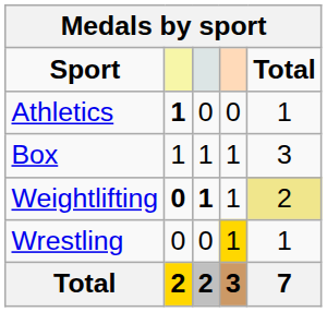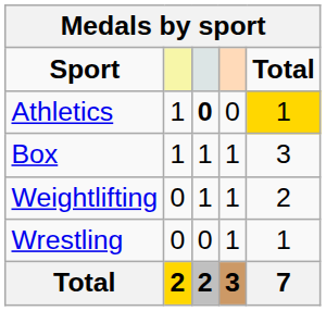 <table class="wikitable" style="font-size:100%;">
 <tr align=center style="background:#efefef;">
 <th colspan=7><strong>Medals by sport</strong></th>
 </tr>
 <tr align=center align=center>
 <td><strong>Sport</strong></td>
 <td style="background:#f7f6a8;"></td>
 <td style="background:#dce5e5;"></td>
 <td style="background:#ffdab9;"></td>
 <td><strong>Total</strong></td>
 </tr>
 <tr align=center align=center>
 <td align=left><a href='#'>Athletics</a></td>
-<td><strong>1</strong></td>
+<td>1</td>
+<td><strong>0</strong></td>
 <td>0</td>
-<td>0</td>
-<td>1</td>
+<td style="background: gold;">1</td>
 </tr>
 <tr align=center align=center>
 <td align=left><a href='#'>Box</a></td>
 <td>1</td>
 <td>1</td>
 <td>1</td>
 <td>3</td>
 </tr>
 <tr align=center align=center>
 <td align=left><a href='#'>Weightlifting</a></td>
-<td><strong>0</strong></td>
-<td><strong>1</strong></td>
+<td>0</td>
 <td>1</td>
-<td style="background: khaki;">2</td>
+<td>1</td>
+<td>2</td>
 </tr>
 <tr align=center align=center>
 <td align=left><a href='#'>Wrestling</a></td>
 <td>0</td>
 <td>0</td>
-<td style="background: gold;">1</td>
+<td>1</td>
 <td>1</td>
 </tr>
 <tr>
 <th>Total</th>
 <th style="background:gold;">2</th>
 <th style="background:silver;">2</th>
 <th style="background:#c96;">3</th>
 <th>7</th>
 </tr>
 </table>
